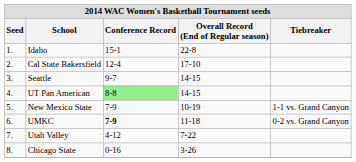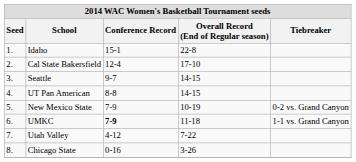 <table class="wikitable" style="white-space:nowrap; font-size:90%;">
 <tr>
 <td colspan="7" style="text-align:center; background:#DDDDDD; font:#000000"><strong>2014 WAC Women's Basketball Tournament seeds</strong></td>
 </tr>
 <tr bgcolor="#efefef">
 <th>Seed</th>
 <th>School</th>
 <th>Conference Record</th>
 <th>Overall Record <br>(End of Regular season)</th>
 <th>Tiebreaker</th>
 </tr>
 <tr>
 <td>1.</td>
 <td>Idaho</td>
 <td>15-1</td>
 <td>22-8</td>
 <td></td>
 </tr>
 <tr>
 <td>2.</td>
 <td>Cal State Bakersfield</td>
 <td>12-4</td>
 <td>17-10</td>
 <td></td>
 </tr>
 <tr>
 <td>3.</td>
 <td>Seattle</td>
 <td>9-7</td>
 <td>14-15</td>
 <td></td>
 </tr>
 <tr>
 <td>4.</td>
 <td>UT Pan American</td>
-<td style="background: lightgreen;">8-8</td>
+<td>8-8</td>
 <td>14-15</td>
 <td></td>
 </tr>
 <tr>
 <td>5.</td>
 <td>New Mexico State</td>
 <td>7-9</td>
 <td>10-19</td>
-<td>1-1 vs. Grand Canyon</td>
+<td>0-2 vs. Grand Canyon</td>
 </tr>
 <tr>
 <td>6.</td>
 <td>UMKC</td>
 <td><strong>7-9</strong></td>
 <td>11-18</td>
-<td>0-2 vs. Grand Canyon</td>
+<td>1-1 vs. Grand Canyon</td>
 </tr>
 <tr>
 <td>7.</td>
 <td>Utah Valley</td>
 <td>4-12</td>
 <td>7-22</td>
 <td></td>
 </tr>
 <tr>
 <td>8.</td>
 <td>Chicago State</td>
 <td>0-16</td>
 <td>3-26</td>
 <td></td>
 </tr>
 <tr>
 </tr>
 </table>
